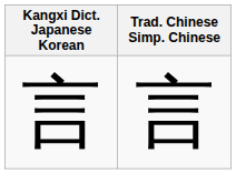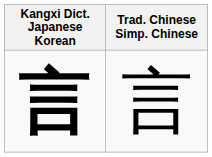 <table class="wikitable">
 <tr>
 <th>Kangxi Dict.<br>Japanese<br>Korean</th>
 <th>Trad. Chinese<br>Simp. Chinese</th>
 </tr>
 <tr style="font-size:6em;font-family:serif;line-height:100%;">
-<td lang="ja">言</td>
+<td lang="ja"><strong>言</strong></td>
 <td lang="zh-Hans">言</td>
 </tr>
 </table>
